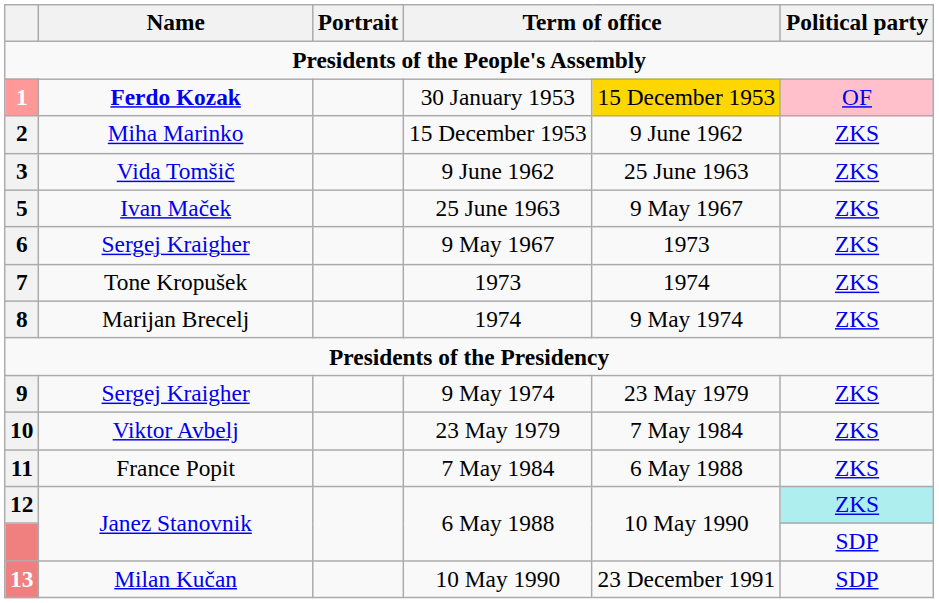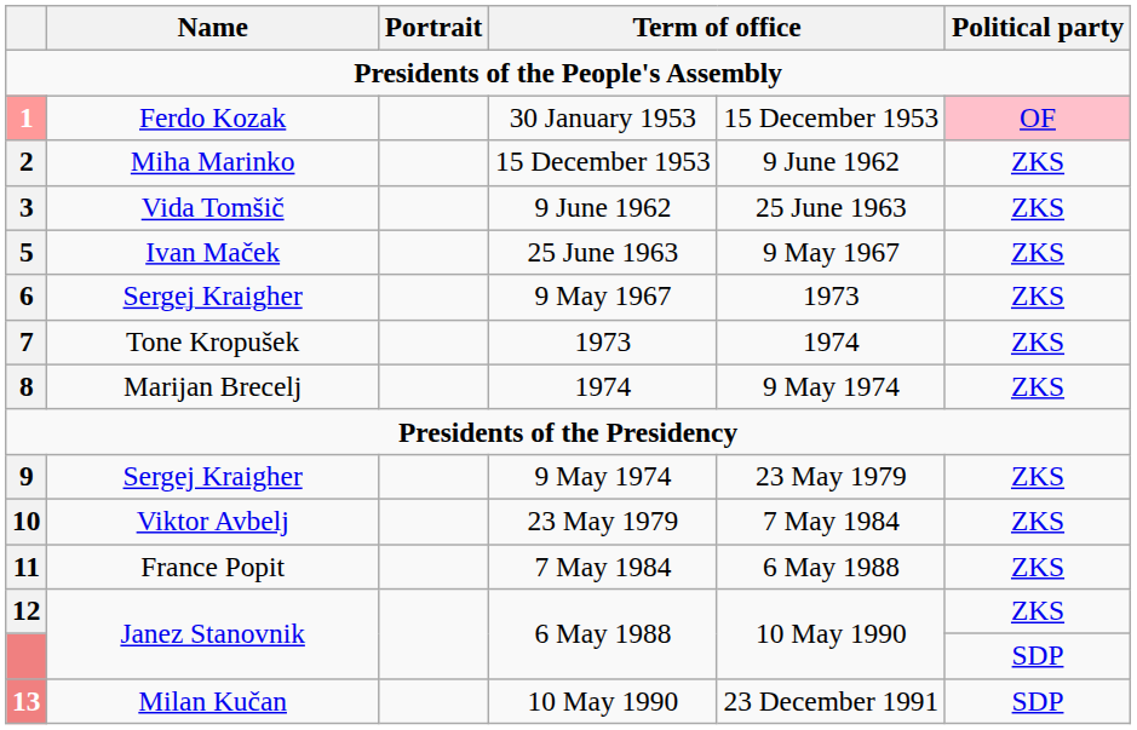 <table class=wikitable style="text-align:center; margin-bottom:0">
 <tr>
 <th></th>
 <th width=180>Name<br></th>
 <th>Portrait</th>
 <th colspan=2>Term of office</th>
 <th>Political party</th>
 </tr>
 <tr>
 <td colspan="6"><strong>Presidents of the People's Assembly</strong><br></td>
 </tr>
 <tr>
 <th style="background:#ff9999; color:white;">1</th>
-<td><strong><a href='#'>Ferdo Kozak</a><br></strong></td>
+<td><a href='#'>Ferdo Kozak</a><br></td>
 <td></td>
 <td>30 January 1953</td>
-<td style="background: gold;">15 December 1953</td>
+<td>15 December 1953</td>
 <td style="background: pink;"><a href='#'>OF</a></td>
 </tr>
 <tr>
 <th style="background:">2</th>
 <td><a href='#'>Miha Marinko</a><br></td>
 <td></td>
 <td>15 December 1953</td>
 <td>9 June 1962</td>
 <td><a href='#'>ZKS</a></td>
 </tr>
 <tr>
 <th style="background:">3</th>
 <td><a href='#'>Vida Tomšič</a><br></td>
 <td></td>
 <td>9 June 1962</td>
 <td>25 June 1963</td>
 <td><a href='#'>ZKS</a></td>
 </tr>
 <tr>
 <th style="background:">5</th>
 <td><a href='#'>Ivan Maček</a><br></td>
 <td></td>
 <td>25 June 1963</td>
 <td>9 May 1967</td>
 <td><a href='#'>ZKS</a></td>
 </tr>
 <tr>
 <th style="background:">6</th>
 <td><a href='#'>Sergej Kraigher</a><br></td>
 <td></td>
 <td>9 May 1967</td>
 <td>1973</td>
 <td><a href='#'>ZKS</a></td>
 </tr>
 <tr>
 <th style="background:">7</th>
 <td>Tone Kropušek<br></td>
 <td></td>
 <td>1973</td>
 <td>1974</td>
 <td><a href='#'>ZKS</a></td>
 </tr>
 <tr>
 <th style="background:">8</th>
 <td>Marijan Brecelj<br></td>
 <td></td>
 <td>1974</td>
 <td>9 May 1974</td>
 <td><a href='#'>ZKS</a></td>
 </tr>
 <tr>
 <td colspan="6"><strong>Presidents of the Presidency</strong><br></td>
 </tr>
 <tr>
 <th style="background:">9</th>
 <td><a href='#'>Sergej Kraigher</a><br></td>
 <td></td>
 <td>9 May 1974</td>
 <td>23 May 1979</td>
 <td><a href='#'>ZKS</a></td>
 </tr>
 <tr>
 <th style="background:">10</th>
 <td><a href='#'>Viktor Avbelj</a><br></td>
 <td></td>
 <td>23 May 1979</td>
 <td>7 May 1984</td>
 <td><a href='#'>ZKS</a></td>
 </tr>
 <tr>
 <th style="background:">11</th>
 <td>France Popit<br></td>
 <td></td>
 <td>7 May 1984</td>
 <td>6 May 1988</td>
 <td><a href='#'>ZKS</a></td>
 </tr>
 <tr>
 <th style="background:">12</th>
 <td rowspan=2><a href='#'>Janez Stanovnik</a><br></td>
 <td rowspan=2></td>
 <td rowspan=2>6 May 1988</td>
 <td rowspan=2>10 May 1990</td>
-<td style="background: paleturquoise;"><a href='#'>ZKS</a></td>
+<td><a href='#'>ZKS</a></td>
 </tr>
 <tr>
 <th style="background:#f08080; color:white;"></th>
 <td><a href='#'>SDP</a></td>
 </tr>
 <tr>
 <th style="background:#f08080; color:white;">13</th>
 <td><a href='#'>Milan Kučan</a><br></td>
 <td></td>
 <td>10 May 1990</td>
 <td>23 December 1991</td>
 <td><a href='#'>SDP</a></td>
 </tr>
 </table>
